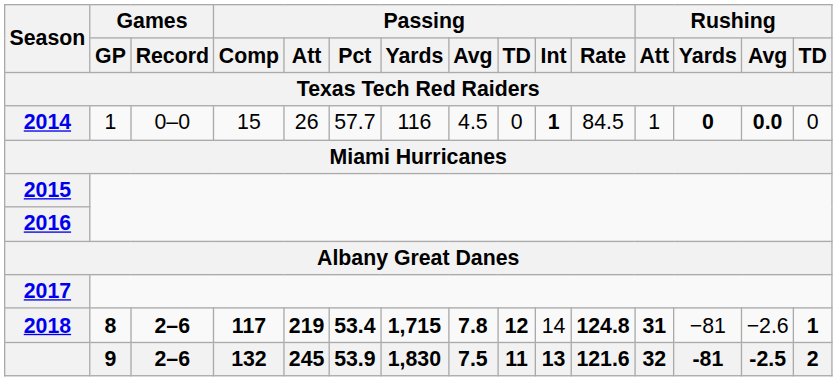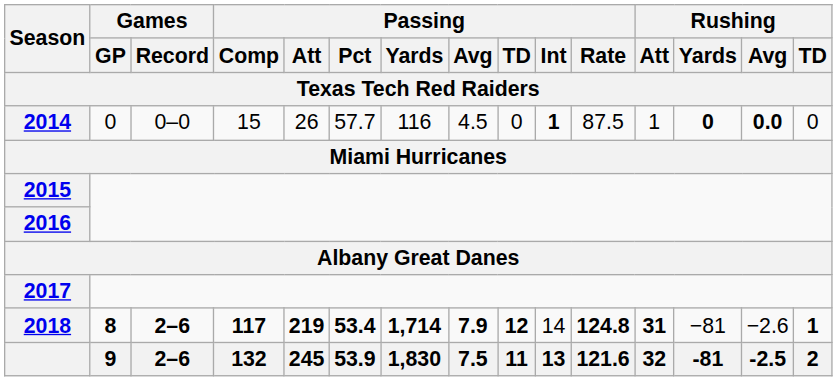 <table class="wikitable" style="text-align:center;">
 <tr>
 <th rowspan="2">Season</th>
 <th colspan="2">Games</th>
 <th colspan="8">Passing</th>
 <th colspan="4">Rushing</th>
 </tr>
 <tr>
 <th>GP</th>
 <th>Record</th>
 <th>Comp</th>
 <th>Att</th>
 <th>Pct</th>
 <th>Yards</th>
 <th>Avg</th>
 <th>TD</th>
 <th>Int</th>
 <th>Rate</th>
 <th>Att</th>
 <th>Yards</th>
 <th>Avg</th>
 <th>TD</th>
 </tr>
 <tr>
 <th colspan="16">Texas Tech Red Raiders</th>
 </tr>
 <tr>
 <th><a href='#'>2014</a></th>
-<td>1</td>
+<td>0</td>
 <td>0–0</td>
 <td>15</td>
 <td>26</td>
 <td>57.7</td>
 <td>116</td>
 <td>4.5</td>
 <td>0</td>
 <td><strong>1</strong></td>
-<td>84.5</td>
+<td>87.5</td>
 <td>1</td>
 <td><strong>0</strong></td>
 <td><strong>0.0</strong></td>
 <td>0</td>
 </tr>
 <tr>
 <th colspan="16">Miami Hurricanes</th>
 </tr>
 <tr>
 <th><a href='#'>2015</a></th>
 <td colspan="14" rowspan="2"></td>
 </tr>
 <tr>
 <th><a href='#'>2016</a></th>
 </tr>
 <tr>
 <th colspan="16">Albany Great Danes</th>
 </tr>
 <tr>
 <th><a href='#'>2017</a></th>
 <td colspan="14"></td>
 </tr>
 <tr>
 <th><a href='#'>2018</a></th>
 <td><strong>8</strong></td>
 <td><strong>2–6</strong></td>
 <td><strong>117</strong></td>
 <td><strong>219</strong></td>
 <td><strong>53.4</strong></td>
-<td><strong>1,715</strong></td>
-<td><strong>7.8</strong></td>
+<td><strong>1,714</strong></td>
+<td><strong>7.9</strong></td>
 <td><strong>12</strong></td>
 <td>14</td>
 <td><strong>124.8</strong></td>
 <td><strong>31</strong></td>
 <td>−81</td>
 <td>−2.6</td>
 <td><strong>1</strong></td>
 </tr>
 <tr>
 <th></th>
 <th>9</th>
 <th>2–6</th>
 <th>132</th>
 <th>245</th>
 <th>53.9</th>
 <th>1,830</th>
 <th>7.5</th>
 <th>11</th>
 <th>13</th>
 <th>121.6</th>
 <th>32</th>
 <th>-81</th>
 <th>-2.5</th>
 <th>2</th>
 </tr>
 </table>
